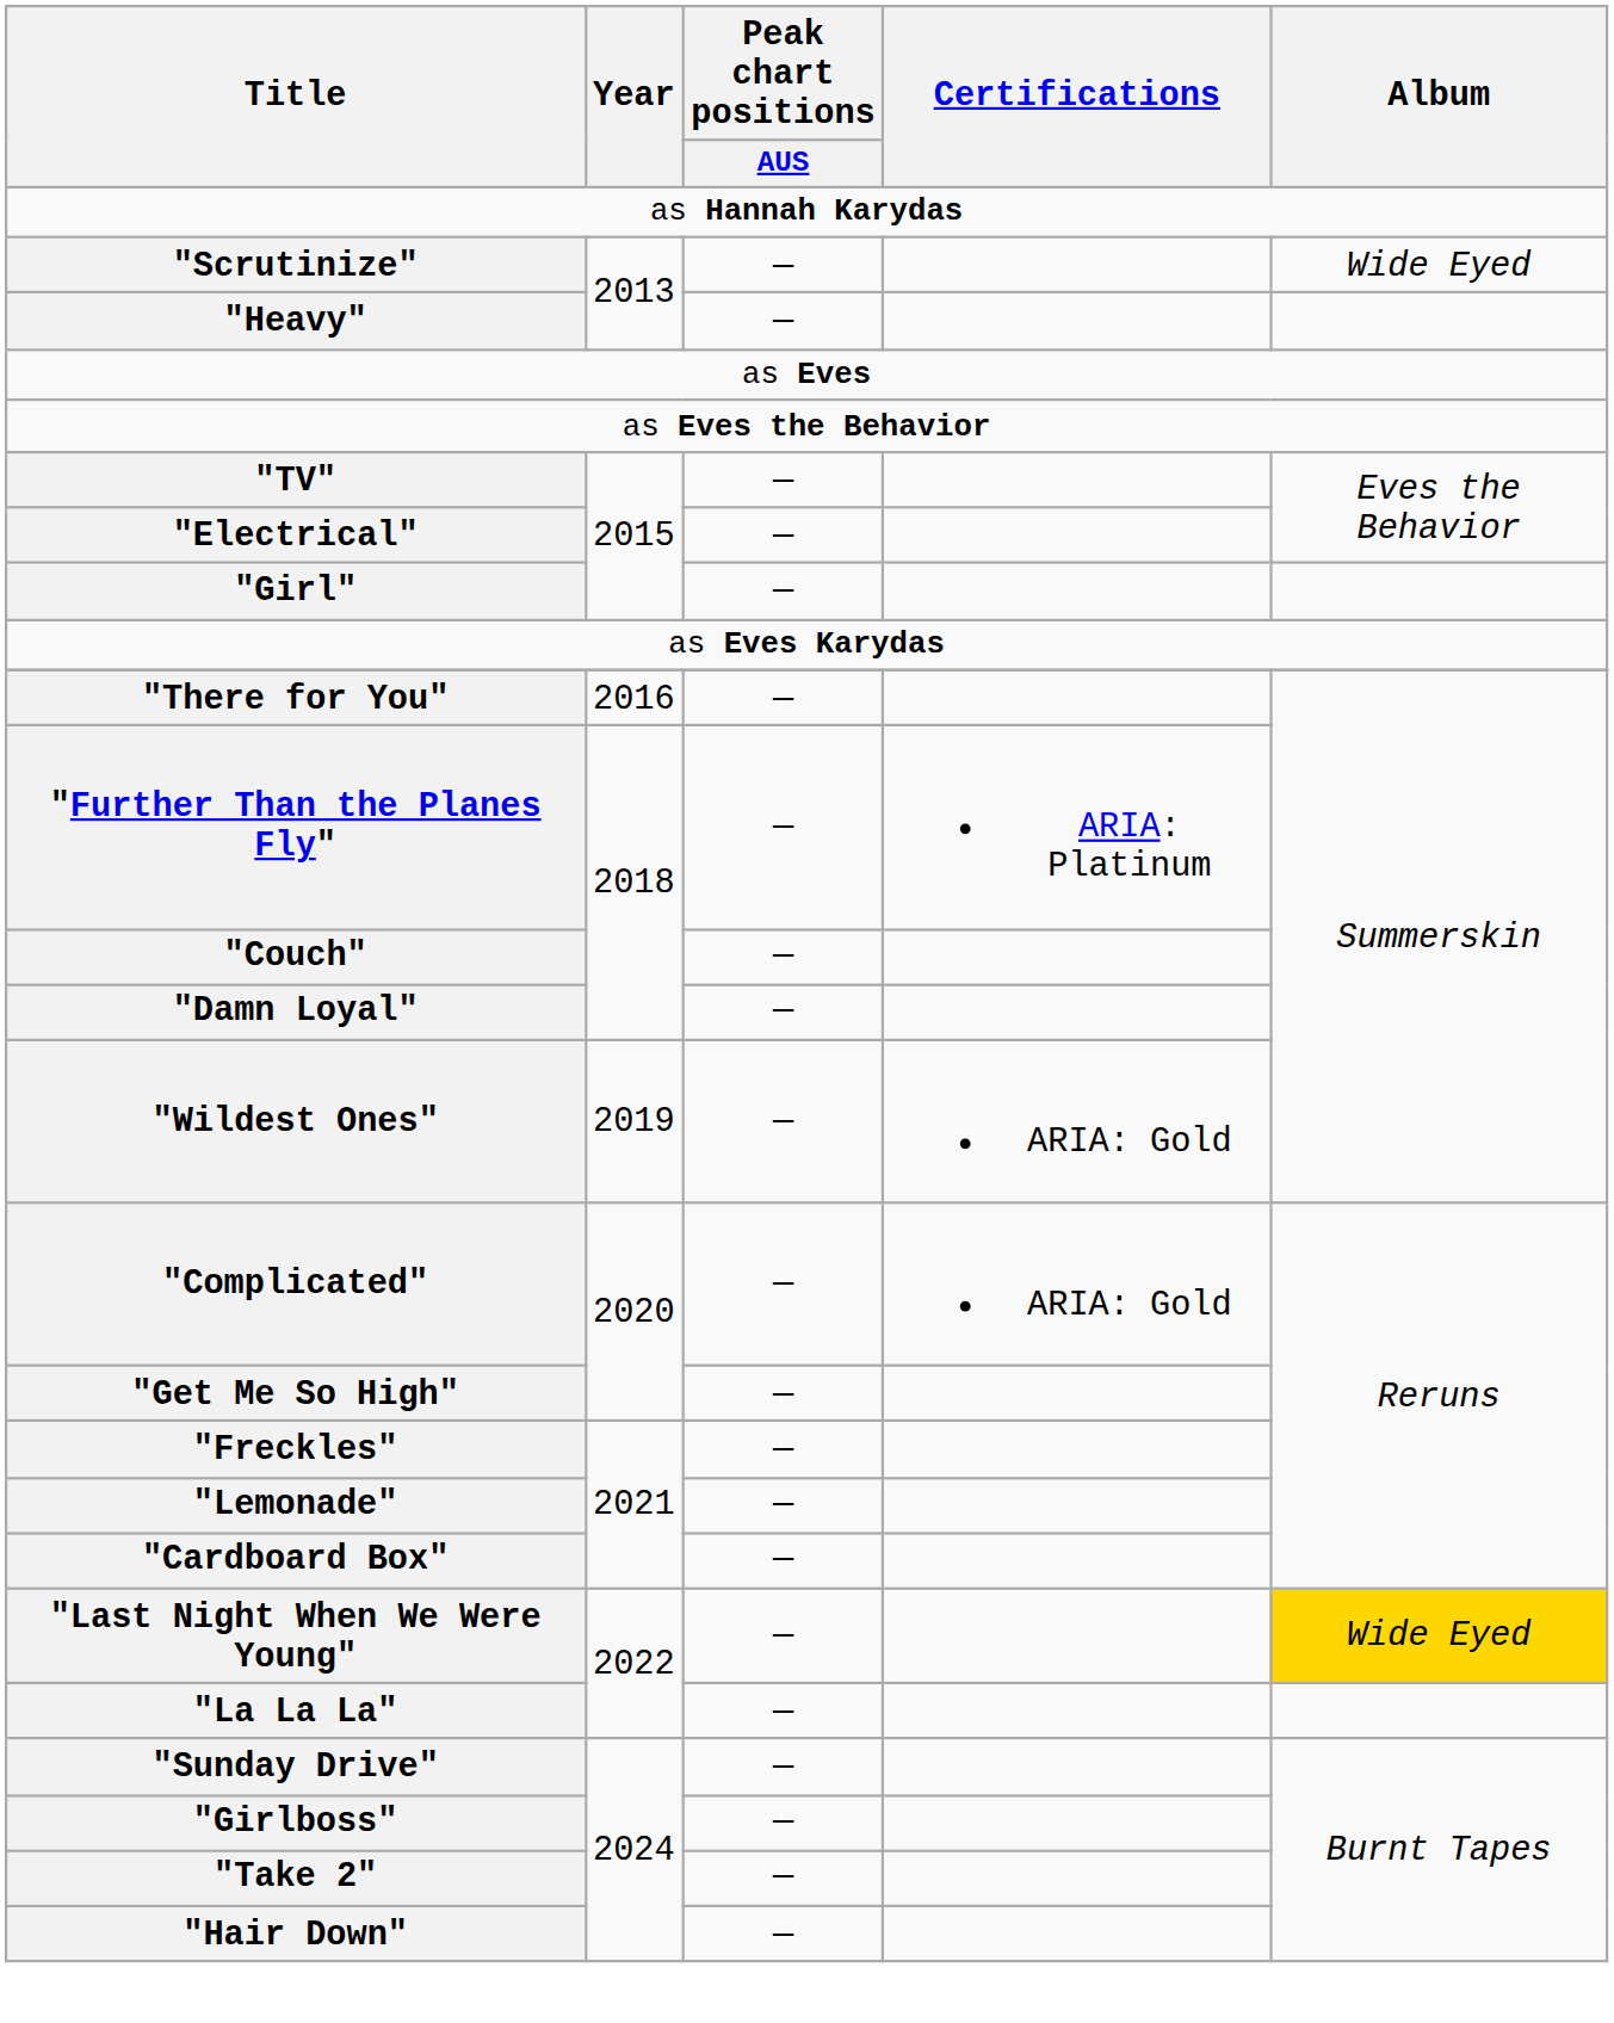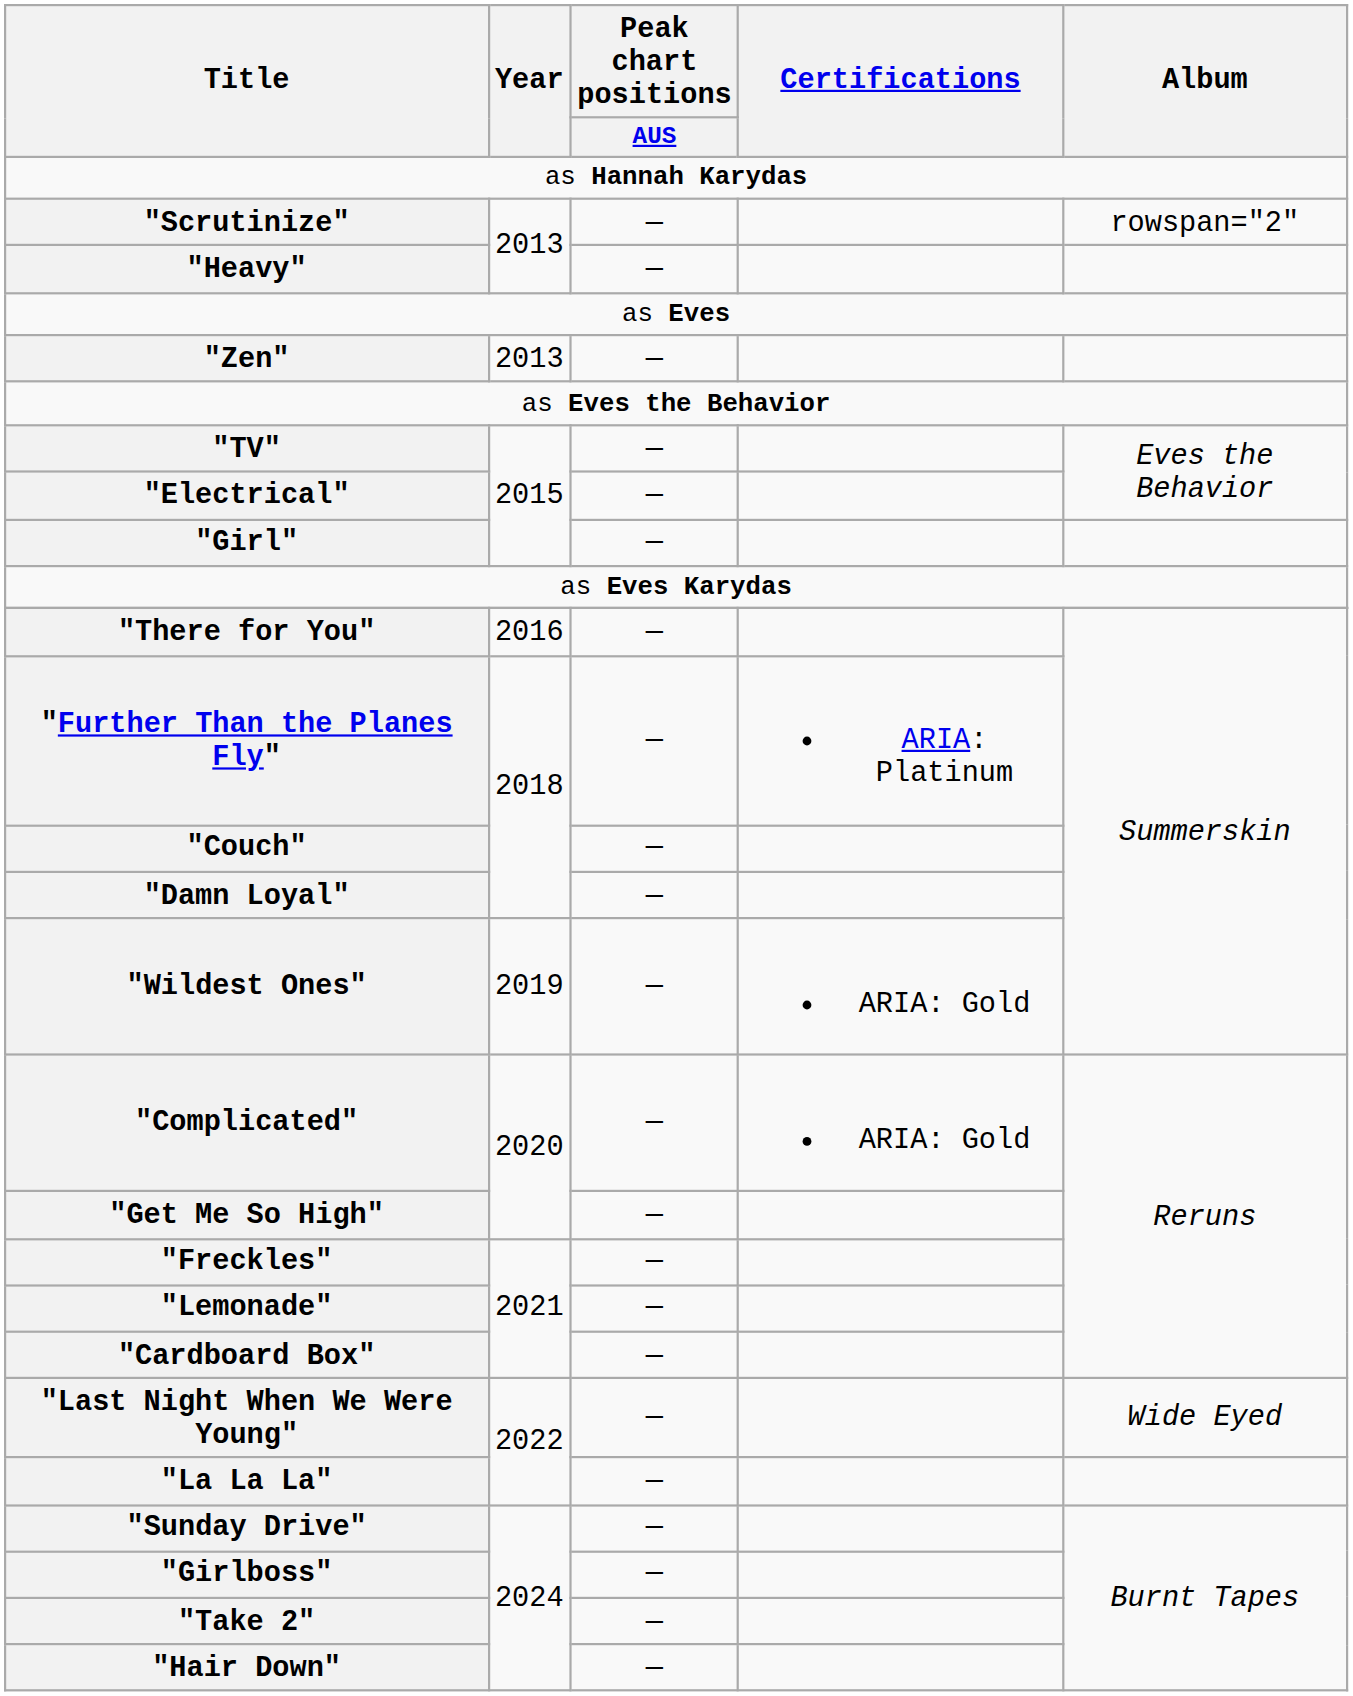 <table class="wikitable plainrowheaders" style="text-align:center;">
 <tr>
 <th scope="col" rowspan="2">Title</th>
 <th scope="col" rowspan="2">Year</th>
 <th scope="col" colspan="1">Peak chart positions</th>
 <th scope="col" rowspan="2"><a href='#'>Certifications</a></th>
 <th scope="col" rowspan="2">Album</th>
 </tr>
 <tr>
 <th scope="col" style="width:3em;font-size:85%;"><a href='#'>AUS</a><br></th>
 </tr>
 <tr>
 <td colspan="5" style="font-size:90%">as <strong>Hannah Karydas</strong></td>
 </tr>
 <tr>
 <th scope="row">"Scrutinize"</th>
 <td rowspan="2">2013</td>
 <td>—</td>
 <td></td>
-<td><em>Wide Eyed</em></td>
+<td>rowspan="2" </td>
 </tr>
 <tr>
 <th scope="row">"Heavy"</th>
 <td>—</td>
 <td></td>
 </tr>
 <tr>
 <td colspan="5" style="font-size:90%">as <strong>Eves</strong></td>
+</tr>
+<tr>
+<th scope="row">"Zen"</th>
+<td>2013</td>
+<td>—</td>
+<td></td>
+<td></td>
 </tr>
 <tr>
 <td colspan="5" style="font-size:90%">as <strong>Eves the Behavior</strong></td>
 </tr>
 <tr>
 <th scope="row">"TV"</th>
 <td rowspan="3">2015</td>
 <td>—</td>
 <td></td>
 <td rowspan="2"><em>Eves the Behavior</em></td>
 </tr>
 <tr>
 <th scope="row">"Electrical"</th>
 <td>—</td>
 <td></td>
 </tr>
 <tr>
 <th scope="row">"Girl"</th>
 <td>—</td>
 <td></td>
 <td></td>
 </tr>
 <tr>
 <td colspan="5" style="font-size:90%">as <strong>Eves Karydas</strong></td>
 </tr>
 <tr>
 </tr>
 <tr>
 <th scope="row">"There for You"</th>
 <td>2016</td>
 <td>—</td>
 <td></td>
 <td rowspan="5"><em>Summerskin</em></td>
 </tr>
 <tr>
 <th scope="row">"<a href='#'>Further Than the Planes Fly</a>"</th>
 <td rowspan="3">2018</td>
 <td>—</td>
 <td><br><ul><li><a href='#'>ARIA</a>: Platinum</li></ul></td>
 </tr>
 <tr>
 <th scope="row">"Couch"</th>
 <td>—</td>
 <td></td>
 </tr>
 <tr>
 <th scope="row">"Damn Loyal"</th>
 <td>—</td>
 <td></td>
 </tr>
 <tr>
 <th scope="row">"Wildest Ones"</th>
 <td>2019</td>
 <td>—</td>
 <td><br><ul><li>ARIA: Gold</li></ul></td>
 </tr>
 <tr>
 <th scope="row">"Complicated"</th>
 <td rowspan="2">2020</td>
 <td>—</td>
 <td><br><ul><li>ARIA: Gold</li></ul></td>
 <td rowspan="5"><em>Reruns</em></td>
 </tr>
 <tr>
 <th scope="row">"Get Me So High"</th>
 <td>—</td>
 <td></td>
 </tr>
 <tr>
 <th scope="row">"Freckles"</th>
 <td rowspan="3">2021</td>
 <td>—</td>
 <td></td>
 </tr>
 <tr>
 <th scope="row">"Lemonade"</th>
 <td>—</td>
 <td></td>
 </tr>
 <tr>
 <th scope="row">"Cardboard Box"<br></th>
 <td>—</td>
 <td></td>
 </tr>
 <tr>
 <th scope="row">"Last Night When We Were Young"</th>
 <td rowspan="2">2022</td>
 <td>—</td>
 <td></td>
-<td style="background: gold;"><em>Wide Eyed</em></td>
+<td><em>Wide Eyed</em></td>
 </tr>
 <tr>
 <th scope="row">"La La La"<br></th>
 <td>—</td>
 <td></td>
 <td></td>
 </tr>
 <tr>
 <th scope="row">"Sunday Drive"</th>
 <td rowspan="4">2024</td>
 <td>—</td>
 <td></td>
 <td rowspan="4"><em>Burnt Tapes</em></td>
 </tr>
 <tr>
 <th scope="row">"Girlboss"</th>
 <td>—</td>
 <td></td>
 </tr>
 <tr>
 <th scope="row">"Take 2"</th>
 <td>—</td>
 <td></td>
 </tr>
 <tr>
 <th scope="row">"Hair Down"</th>
 <td>—</td>
 <td></td>
 </tr>
 </table>
